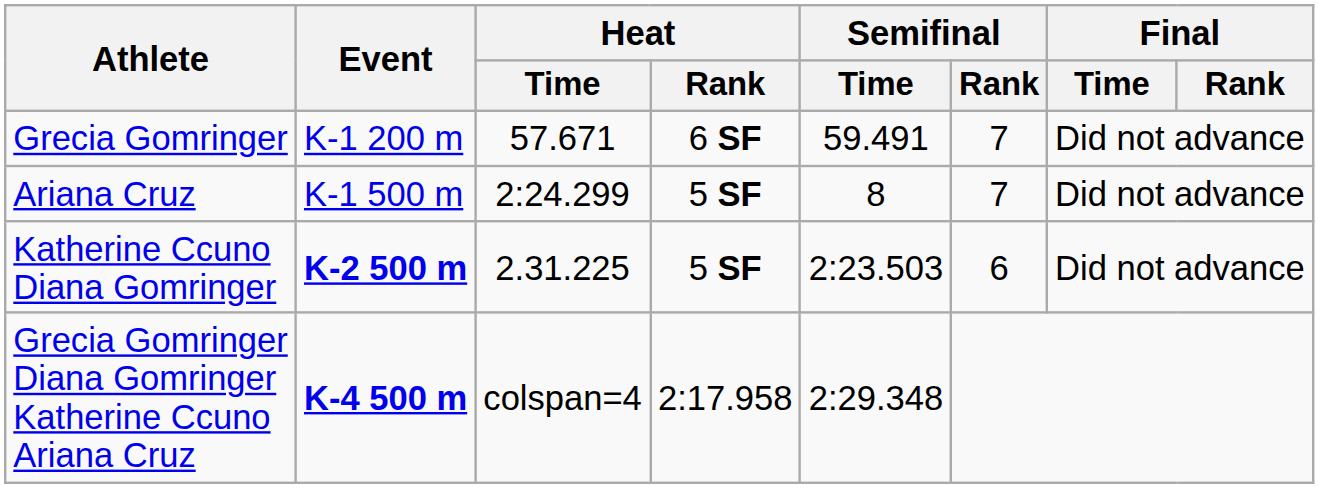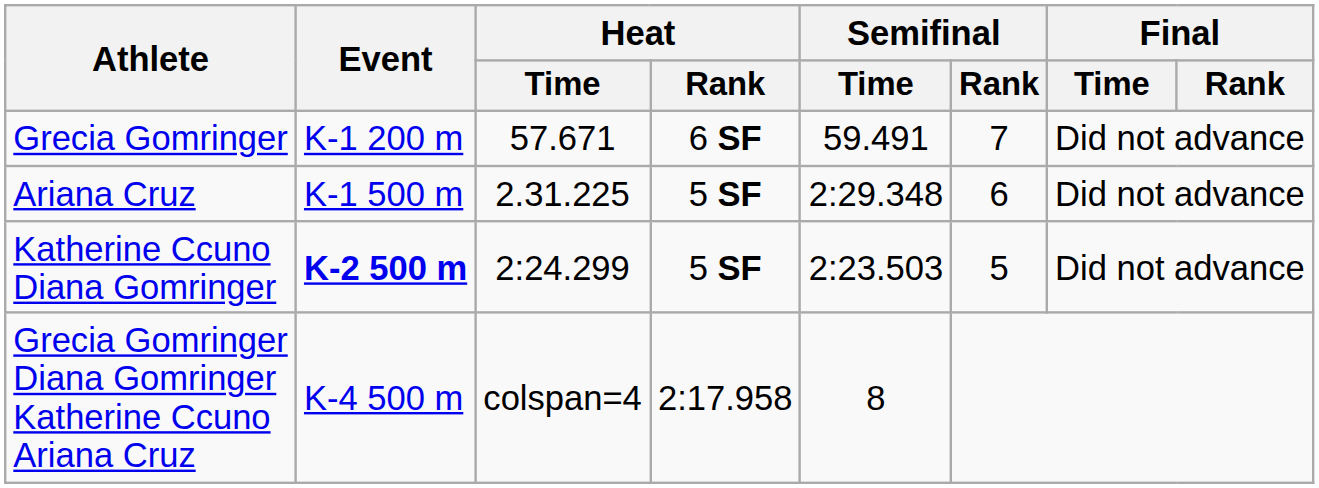 <table class=wikitable style=font-size:90%;text-align:center>
 <tr>
 <th rowspan=2>Athlete</th>
 <th rowspan=2>Event</th>
 <th colspan=2>Heat</th>
 <th colspan=2>Semifinal</th>
 <th colspan=2>Final</th>
 </tr>
 <tr style=font-size:95%>
 <th>Time</th>
 <th>Rank</th>
 <th>Time</th>
 <th>Rank</th>
 <th>Time</th>
 <th>Rank</th>
 </tr>
 <tr>
 <td style="text-align:left"><a href='#'>Grecia Gomringer</a></td>
 <td style="text-align:left"><a href='#'>K-1 200 m</a></td>
 <td>57.671</td>
 <td>6 <strong>SF</strong></td>
 <td>59.491</td>
 <td>7</td>
 <td colspan=2>Did not advance</td>
 </tr>
 <tr>
 <td style="text-align:left"><a href='#'>Ariana Cruz</a></td>
 <td style="text-align:left"><a href='#'>K-1 500 m</a></td>
-<td>2:24.299</td>
+<td>2.31.225</td>
 <td>5 <strong>SF</strong></td>
-<td>8</td>
-<td>7</td>
+<td>2:29.348</td>
+<td>6</td>
 <td colspan=2>Did not advance</td>
 </tr>
 <tr>
 <td style="text-align:left"><a href='#'>Katherine Ccuno</a><br><a href='#'>Diana Gomringer</a></td>
 <td style="text-align:left"><strong><a href='#'>K-2 500 m</a></strong></td>
-<td>2.31.225</td>
+<td>2:24.299</td>
 <td>5 <strong>SF</strong></td>
 <td>2:23.503</td>
-<td>6</td>
+<td>5</td>
 <td colspan=2>Did not advance</td>
 </tr>
 <tr>
 <td style="text-align:left"><a href='#'>Grecia Gomringer</a><br><a href='#'>Diana Gomringer</a><br><a href='#'>Katherine Ccuno</a><br><a href='#'>Ariana Cruz</a></td>
-<td style="text-align:left"><strong><a href='#'>K-4 500 m</a></strong></td>
+<td style="text-align:left"><a href='#'>K-4 500 m</a></td>
 <td>colspan=4 </td>
 <td>2:17.958</td>
-<td>2:29.348</td>
+<td>8</td>
 </tr>
 </table>
